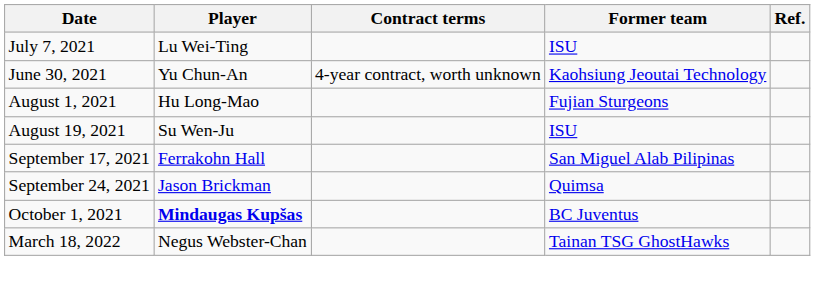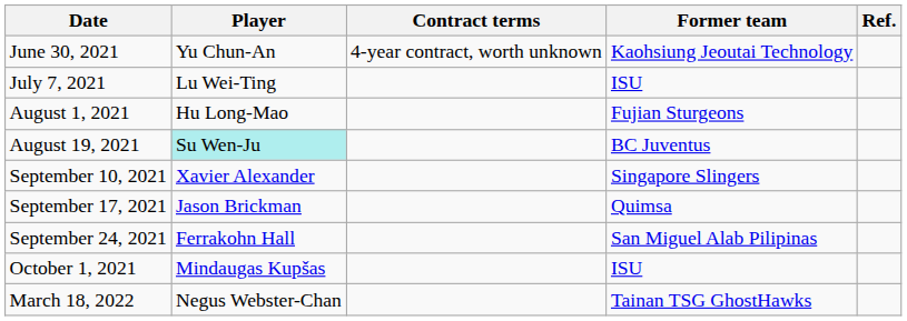 <table class="wikitable">
 <tr>
 <th>Date</th>
 <th>Player</th>
 <th>Contract terms</th>
 <th>Former team</th>
 <th>Ref.</th>
 </tr>
 <tr>
+<td>June 30, 2021</td>
+<td>Yu Chun-An</td>
+<td>4-year contract, worth unknown</td>
+<td> <a href='#'>Kaohsiung Jeoutai Technology</a></td>
+<td></td>
+</tr>
+<tr>
 <td>July 7, 2021</td>
 <td>Lu Wei-Ting</td>
 <td></td>
 <td> <a href='#'>ISU</a></td>
-<td></td>
-</tr>
-<tr>
-<td>June 30, 2021</td>
-<td>Yu Chun-An</td>
-<td>4-year contract, worth unknown</td>
-<td> <a href='#'>Kaohsiung Jeoutai Technology</a></td>
 <td></td>
 </tr>
 <tr>
 <td>August 1, 2021</td>
 <td>Hu Long-Mao</td>
 <td></td>
 <td> <a href='#'>Fujian Sturgeons</a></td>
 <td></td>
 </tr>
 <tr>
 <td>August 19, 2021</td>
-<td>Su Wen-Ju</td>
+<td style="background: paleturquoise;">Su Wen-Ju</td>
 <td></td>
-<td> <a href='#'>ISU</a></td>
+<td> <a href='#'>BC Juventus</a></td>
+<td></td>
+</tr>
+<tr>
+<td>September 10, 2021</td>
+<td><a href='#'>Xavier Alexander</a></td>
+<td></td>
+<td> <a href='#'>Singapore Slingers</a></td>
 <td></td>
 </tr>
 <tr>
 <td>September 17, 2021</td>
+<td><a href='#'>Jason Brickman</a></td>
+<td></td>
+<td> <a href='#'>Quimsa</a></td>
+<td></td>
+</tr>
+<tr>
+<td>September 24, 2021</td>
 <td><a href='#'>Ferrakohn Hall</a></td>
 <td></td>
 <td> <a href='#'>San Miguel Alab Pilipinas</a></td>
 <td></td>
 </tr>
 <tr>
-<td>September 24, 2021</td>
-<td><a href='#'>Jason Brickman</a></td>
+<td>October 1, 2021</td>
+<td><a href='#'>Mindaugas Kupšas</a></td>
 <td></td>
-<td> <a href='#'>Quimsa</a></td>
-<td></td>
-</tr>
-<tr>
-<td>October 1, 2021</td>
-<td><strong><a href='#'>Mindaugas Kupšas</a></strong></td>
-<td></td>
-<td> <a href='#'>BC Juventus</a></td>
+<td> <a href='#'>ISU</a></td>
 <td></td>
 </tr>
 <tr>
 <td>March 18, 2022</td>
 <td>Negus Webster-Chan</td>
 <td></td>
 <td> <a href='#'>Tainan TSG GhostHawks</a></td>
 <td></td>
 </tr>
 </table>
